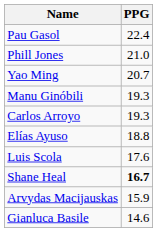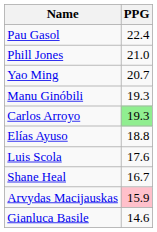 <table class=wikitable>
 <tr>
 <th>Name</th>
 <th>PPG</th>
 </tr>
 <tr>
 <td> <a href='#'>Pau Gasol</a></td>
 <td align=right>22.4</td>
 </tr>
 <tr>
 <td> <a href='#'>Phill Jones</a></td>
 <td align=right>21.0</td>
 </tr>
 <tr>
 <td> <a href='#'>Yao Ming</a></td>
 <td align=right>20.7</td>
 </tr>
 <tr>
 <td> <a href='#'>Manu Ginóbili</a></td>
 <td align=right>19.3</td>
 </tr>
 <tr>
 <td> <a href='#'>Carlos Arroyo</a></td>
-<td align=right>19.3</td>
+<td align=right style="background: lightgreen;">19.3</td>
 </tr>
 <tr>
 <td> <a href='#'>Elías Ayuso</a></td>
 <td align=right>18.8</td>
 </tr>
 <tr>
 <td> <a href='#'>Luis Scola</a></td>
 <td align=right>17.6</td>
 </tr>
 <tr>
 <td> <a href='#'>Shane Heal</a></td>
-<td align=right><strong>16.7</strong></td>
+<td align=right>16.7</td>
 </tr>
 <tr>
 <td> <a href='#'>Arvydas Macijauskas</a></td>
-<td align=right>15.9</td>
+<td align=right style="background: pink;">15.9</td>
 </tr>
 <tr>
 <td> <a href='#'>Gianluca Basile</a></td>
 <td align=right>14.6</td>
 </tr>
 </table>
